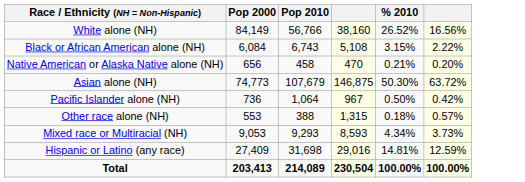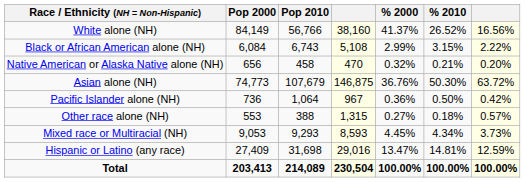 <table class="wikitable" style="text-align:center;">
 <tr>
 <th>Race / Ethnicity <small>(<em>NH = Non-Hispanic</em>)</small></th>
 <th>Pop 2000</th>
 <th>Pop 2010</th>
 <th></th>
+<th>% 2000</th>
 <th>% 2010</th>
 <th></th>
 </tr>
 <tr>
 <td><a href='#'>White</a> alone (NH)</td>
 <td>84,149</td>
 <td>56,766</td>
 <td style='background: #ffffe6;'>38,160</td>
+<td>41.37%</td>
 <td>26.52%</td>
 <td style='background: #ffffe6;'>16.56%</td>
 </tr>
 <tr>
 <td><a href='#'>Black or African American</a> alone (NH)</td>
 <td>6,084</td>
 <td>6,743</td>
 <td style='background: #ffffe6;'>5,108</td>
+<td>2.99%</td>
 <td>3.15%</td>
 <td style='background: #ffffe6;'>2.22%</td>
 </tr>
 <tr>
 <td><a href='#'>Native American</a> or <a href='#'>Alaska Native</a> alone (NH)</td>
 <td>656</td>
 <td>458</td>
 <td style='background: #ffffe6;'>470</td>
+<td>0.32%</td>
 <td>0.21%</td>
 <td style='background: #ffffe6;'>0.20%</td>
 </tr>
 <tr>
 <td><a href='#'>Asian</a> alone (NH)</td>
 <td>74,773</td>
 <td>107,679</td>
 <td style='background: #ffffe6;'>146,875</td>
+<td>36.76%</td>
 <td>50.30%</td>
 <td style='background: #ffffe6;'>63.72%</td>
 </tr>
 <tr>
 <td><a href='#'>Pacific Islander</a> alone (NH)</td>
 <td>736</td>
 <td>1,064</td>
 <td style='background: #ffffe6;'>967</td>
+<td>0.36%</td>
 <td>0.50%</td>
 <td style='background: #ffffe6;'>0.42%</td>
 </tr>
 <tr>
 <td><a href='#'>Other race</a> alone (NH)</td>
 <td>553</td>
 <td>388</td>
 <td style='background: #ffffe6;'>1,315</td>
+<td>0.27%</td>
 <td>0.18%</td>
 <td style='background: #ffffe6;'>0.57%</td>
 </tr>
 <tr>
 <td><a href='#'>Mixed race or Multiracial</a> (NH)</td>
 <td>9,053</td>
 <td>9,293</td>
 <td style='background: #ffffe6;'>8,593</td>
+<td>4.45%</td>
 <td>4.34%</td>
 <td style='background: #ffffe6;'>3.73%</td>
 </tr>
 <tr>
 <td><a href='#'>Hispanic or Latino</a> (any race)</td>
 <td>27,409</td>
 <td>31,698</td>
 <td style='background: #ffffe6;'>29,016</td>
+<td>13.47%</td>
 <td>14.81%</td>
 <td style='background: #ffffe6;'>12.59%</td>
 </tr>
 <tr>
 <td><strong>Total</strong></td>
 <td><strong>203,413</strong></td>
 <td><strong>214,089</strong></td>
 <td style='background: #ffffe6;'><strong>230,504</strong></td>
 <td><strong>100.00%</strong></td>
+<td><strong>100.00%</strong></td>
 <td style='background: #ffffe6;'><strong>100.00%</strong></td>
 </tr>
 </table>
